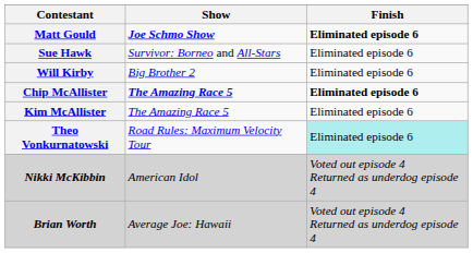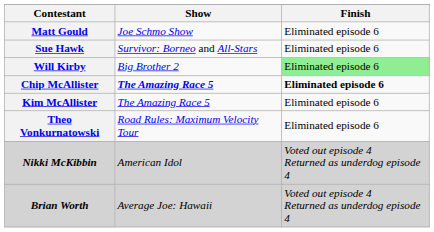 <table class="wikitable plainrowheaders sortable">
 <tr>
 </tr>
 <tr>
 <th scope="col">Contestant</th>
 <th scope="col">Show</th>
 <th scope="col">Finish</th>
 </tr>
 <tr>
 <th scope="row"><a href='#'>Matt Gould</a></th>
-<td><strong><em><a href='#'>Joe Schmo Show</a></em></strong></td>
-<td><strong>Eliminated episode 6</strong></td>
+<td><em><a href='#'>Joe Schmo Show</a></em></td>
+<td>Eliminated episode 6</td>
 </tr>
 <tr>
 <th scope="row"><a href='#'>Sue Hawk</a></th>
 <td><em><a href='#'>Survivor: Borneo</a></em> and <em><a href='#'>All-Stars</a></em></td>
 <td>Eliminated episode 6</td>
 </tr>
 <tr>
 <th scope="row"><a href='#'>Will Kirby</a></th>
 <td><em><a href='#'>Big Brother 2</a></em></td>
-<td>Eliminated episode 6</td>
+<td style="background: lightgreen;">Eliminated episode 6</td>
 </tr>
 <tr>
 <th scope="row"><strong><a href='#'>Chip McAllister</a></strong></th>
 <td><strong><em><a href='#'>The Amazing Race 5</a></em></strong></td>
 <td><strong>Eliminated episode 6</strong></td>
 </tr>
 <tr>
 <th scope="row"><a href='#'>Kim McAllister</a></th>
 <td><em><a href='#'>The Amazing Race 5</a></em></td>
 <td>Eliminated episode 6</td>
 </tr>
 <tr>
 <th scope="row"><a href='#'>Theo Vonkurnatowski</a></th>
 <td><em><a href='#'>Road Rules: Maximum Velocity Tour</a></em></td>
-<td style="background: paleturquoise;">Eliminated episode 6</td>
+<td>Eliminated episode 6</td>
 </tr>
 <tr style="background-color:lightgray">
 <th scope="row" style="background-color:lightgray"><em>Nikki McKibbin</em></th>
 <td><em>American Idol</em></td>
 <td><em>Voted out episode 4<br>Returned as underdog episode 4</em></td>
 </tr>
 <tr style="background-color:lightgray">
 <th scope="row" style="background-color:lightgray"><em>Brian Worth</em></th>
 <td><em>Average Joe: Hawaii</em></td>
 <td><em>Voted out episode 4<br>Returned as underdog episode 4</em></td>
 </tr>
 </table>
